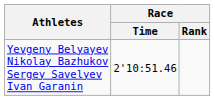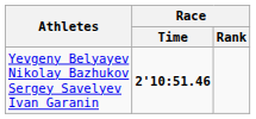 <table class="wikitable" border="1" style="font-size:90%">
 <tr>
 <th rowspan=2>Athletes</th>
 <th colspan=2>Race</th>
 </tr>
 <tr>
 <th>Time</th>
 <th>Rank</th>
 </tr>
 <tr>
 <td><a href='#'>Yevgeny Belyayev</a><br><a href='#'>Nikolay Bazhukov</a><br><a href='#'>Sergey Savelyev</a><br><a href='#'>Ivan Garanin</a></td>
-<td align=center>2'10:51.46</td>
+<td align=center><strong>2'10:51.46</strong></td>
 <td align=center></td>
 </tr>
 </table>
